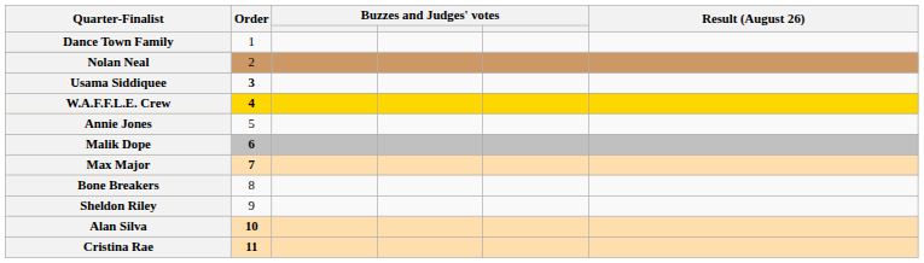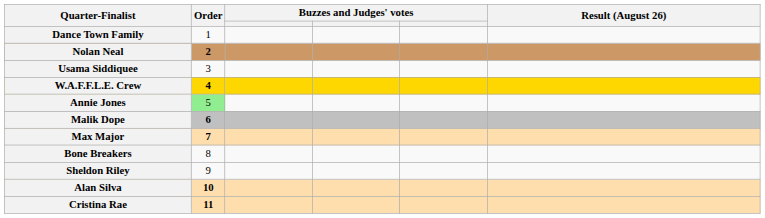 <table class="wikitable plainrowheaders sortable" style="text-align:center;">
 <tr>
 <th scope="col" rowspan="2" class="unsortable" style="width:17em;">Quarter-Finalist</th>
 <th scope="col" rowspan="2" style="width:1em;">Order</th>
 <th scope="col" colspan="3" class="unsortable" style="width:24em;">Buzzes and Judges' votes</th>
 <th scope="col" rowspan="2" style="width:25em;">Result (August 26)</th>
 </tr>
 <tr>
 <th scope="col" class="unsortable" style="width:6em;"></th>
 <th scope="col" class="unsortable" style="width:6em;"></th>
 <th scope="col" class="unsortable" style="width:6em;"></th>
 </tr>
 <tr>
 <th scope="row">Dance Town Family </th>
 <td>1</td>
 <td style="text-align:center;"></td>
 <td style="text-align:center;"></td>
 <td style="text-align:center;"></td>
 <td></td>
 </tr>
 <tr style="background:#c96">
 <th scope="row">Nolan Neal</th>
-<td>2</td>
+<td><strong>2</strong></td>
 <td style="text-align:center;"></td>
 <td style="text-align:center;"></td>
 <td style="text-align:center;"></td>
 <td></td>
 </tr>
 <tr>
 <th scope="row">Usama Siddiquee</th>
-<td><strong>3</strong></td>
+<td>3</td>
 <td style="text-align:center;"></td>
 <td style="text-align:center;"></td>
 <td style="text-align:center;"></td>
 <td></td>
 </tr>
 <tr style="background:gold">
 <th scope="row"><strong>W.A.F.F.L.E. Crew</strong></th>
 <td><strong>4</strong></td>
 <td style="text-align:center;"></td>
 <td style="text-align:center;"></td>
 <td style="text-align:center;"></td>
 <td><strong></strong></td>
 </tr>
 <tr>
 <th scope="row">Annie Jones</th>
-<td>5</td>
+<td style="background: lightgreen;">5</td>
 <td style="text-align:center;"></td>
 <td style="text-align:center;"></td>
 <td style="text-align:center;"></td>
 <td></td>
 </tr>
 <tr style="background:silver">
 <th scope="row"><strong>Malik Dope</strong></th>
 <td><strong>6</strong></td>
 <td style="text-align:center;"></td>
 <td style="text-align:center;"></td>
 <td style="text-align:center;"></td>
 <td><strong></strong></td>
 </tr>
 <tr style="background:NavajoWhite">
 <th scope="row"><strong>Max Major</strong></th>
 <td><strong>7</strong></td>
 <td style="text-align:center;"></td>
 <td style="text-align:center;"></td>
 <td style="text-align:center;"></td>
 <td><strong></strong></td>
 </tr>
 <tr>
 <th scope="row">Bone Breakers</th>
 <td>8</td>
 <td style="text-align:center;"></td>
 <td style="text-align:center;"></td>
 <td style="text-align:center;"></td>
 <td></td>
 </tr>
 <tr>
 <th scope="row">Sheldon Riley</th>
 <td>9</td>
 <td style="text-align:center;"></td>
 <td style="text-align:center;"></td>
 <td style="text-align:center;"></td>
 <td></td>
 </tr>
 <tr style="background:NavajoWhite">
 <th scope="row"><strong>Alan Silva</strong></th>
 <td><strong>10</strong></td>
 <td style="text-align:center;"></td>
 <td style="text-align:center;"></td>
 <td style="text-align:center;"></td>
 <td><strong></strong></td>
 </tr>
 <tr style="background:NavajoWhite">
 <th scope="row"><strong>Cristina Rae</strong></th>
 <td><strong>11</strong></td>
 <td style="text-align:center;"></td>
 <td style="text-align:center;"></td>
 <td style="text-align:center;"></td>
 <td><strong></strong></td>
 </tr>
 </table>
